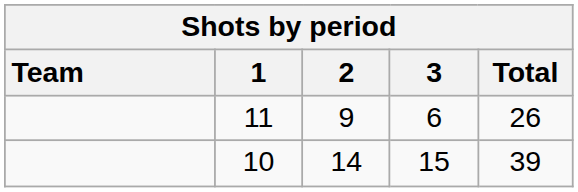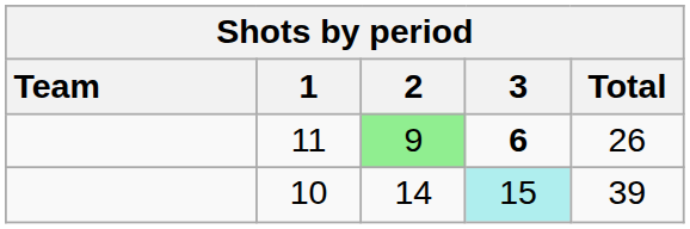 <table class="wikitable" style="width:20em; text-align:right;">
 <tr>
 <th colspan="6">Shots by period</th>
 </tr>
 <tr>
 <th style="width:8em; text-align:left;">Team</th>
 <th style="width:3em;">1</th>
 <th style="width:3em;">2</th>
 <th style="width:3em;">3</th>
 <th style="width:3em;">Total</th>
 </tr>
 <tr>
 <td style="text-align:left;"></td>
 <td style="text-align:center;">11</td>
-<td style="text-align:center;">9</td>
-<td style="text-align:center;">6</td>
+<td style="background: lightgreen; text-align:center;">9</td>
+<td style="text-align:center;"><strong>6</strong></td>
 <td style="text-align:center;">26</td>
 </tr>
 <tr>
 <td style="text-align:left;"></td>
 <td style="text-align:center;">10</td>
 <td style="text-align:center;">14</td>
-<td style="text-align:center;">15</td>
+<td style="background: paleturquoise; text-align:center;">15</td>
 <td style="text-align:center;">39</td>
 </tr>
 </table>
